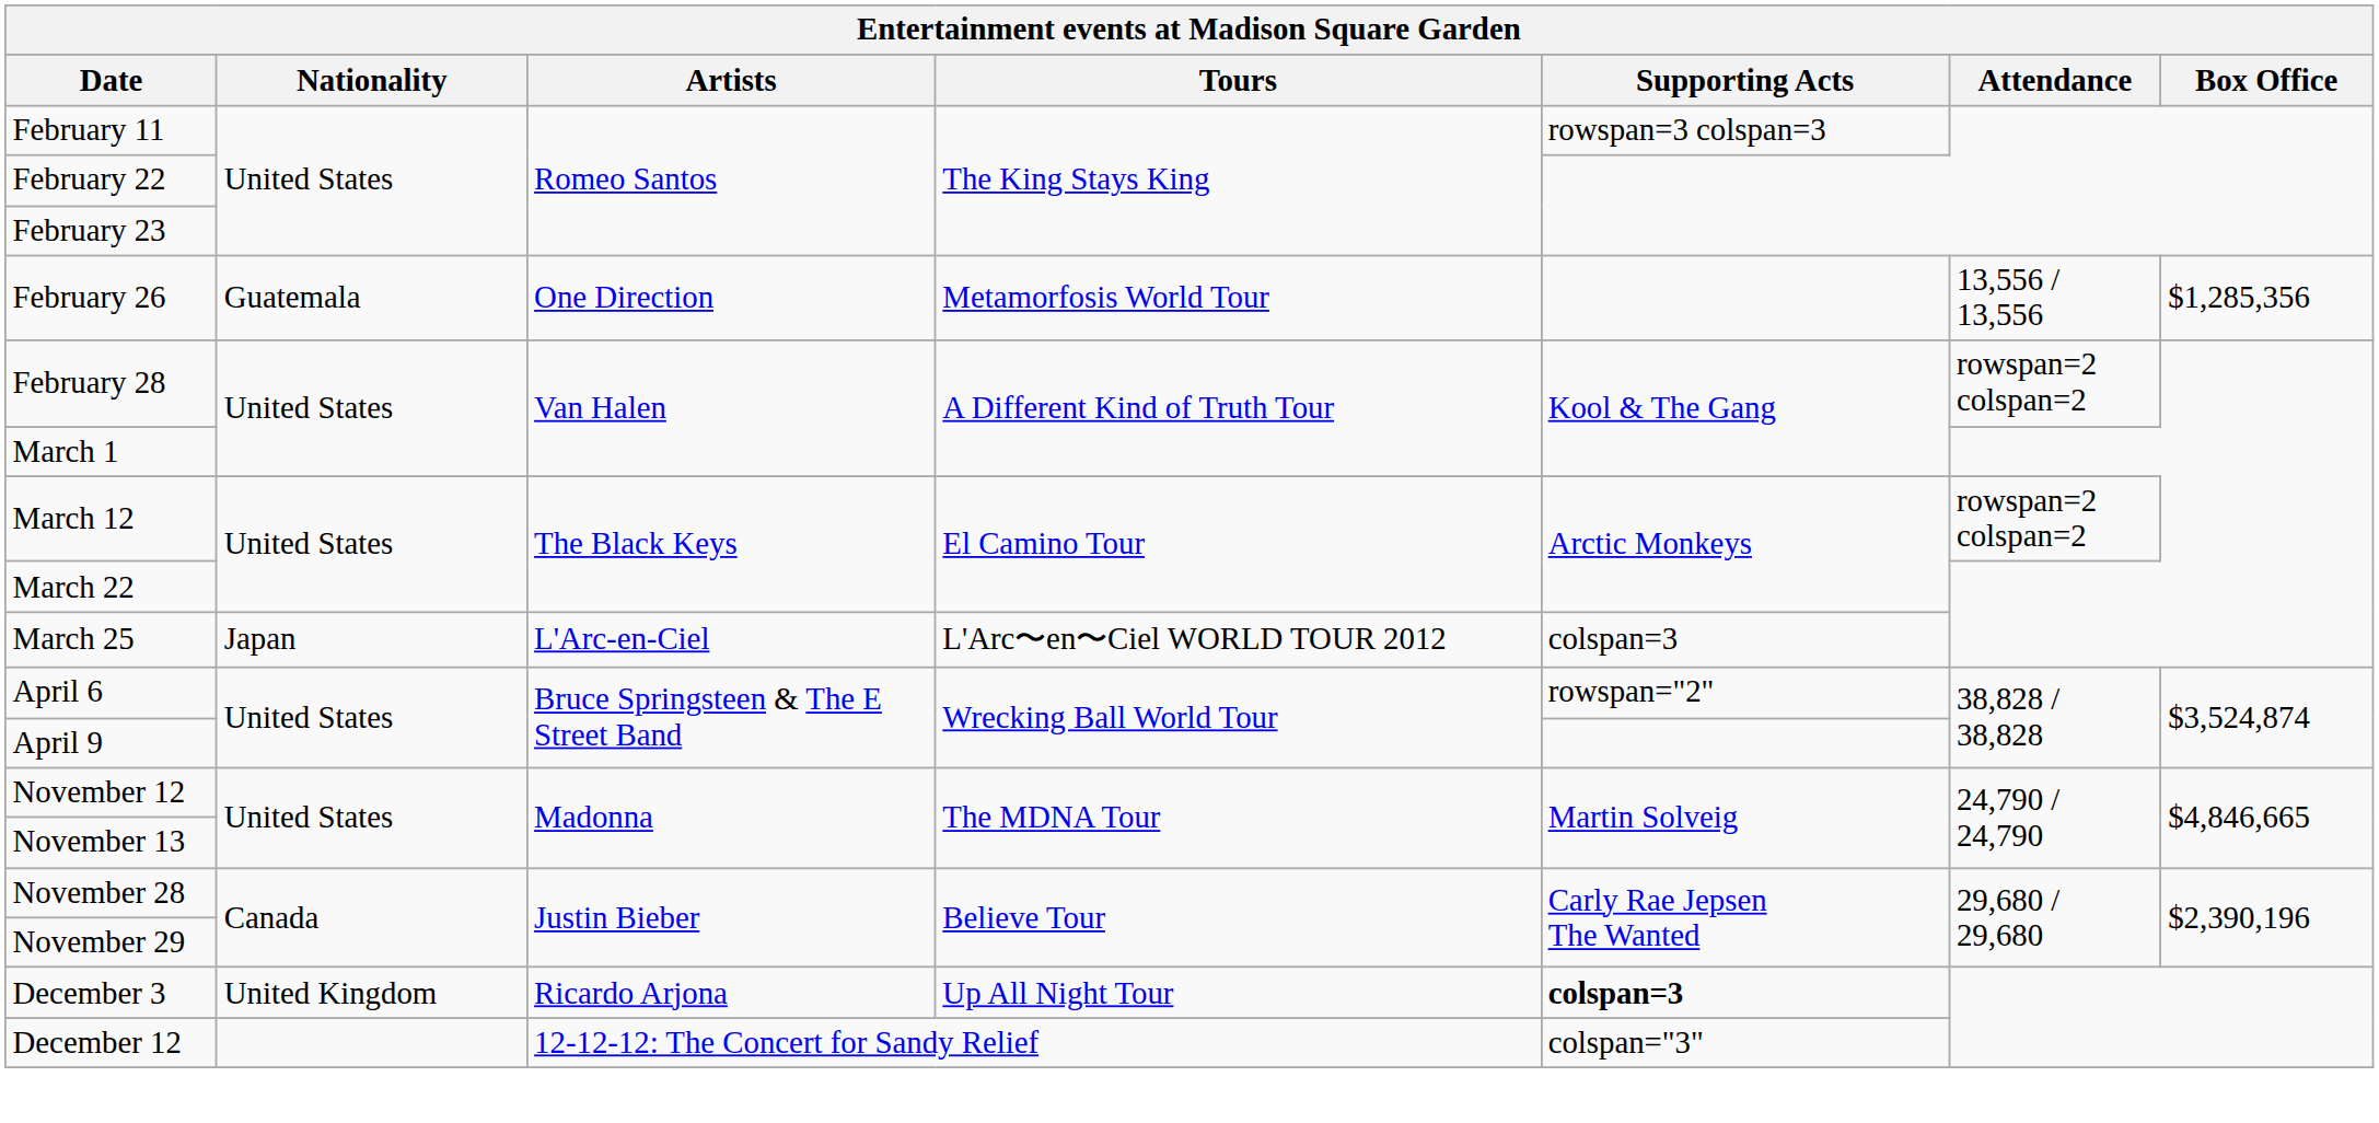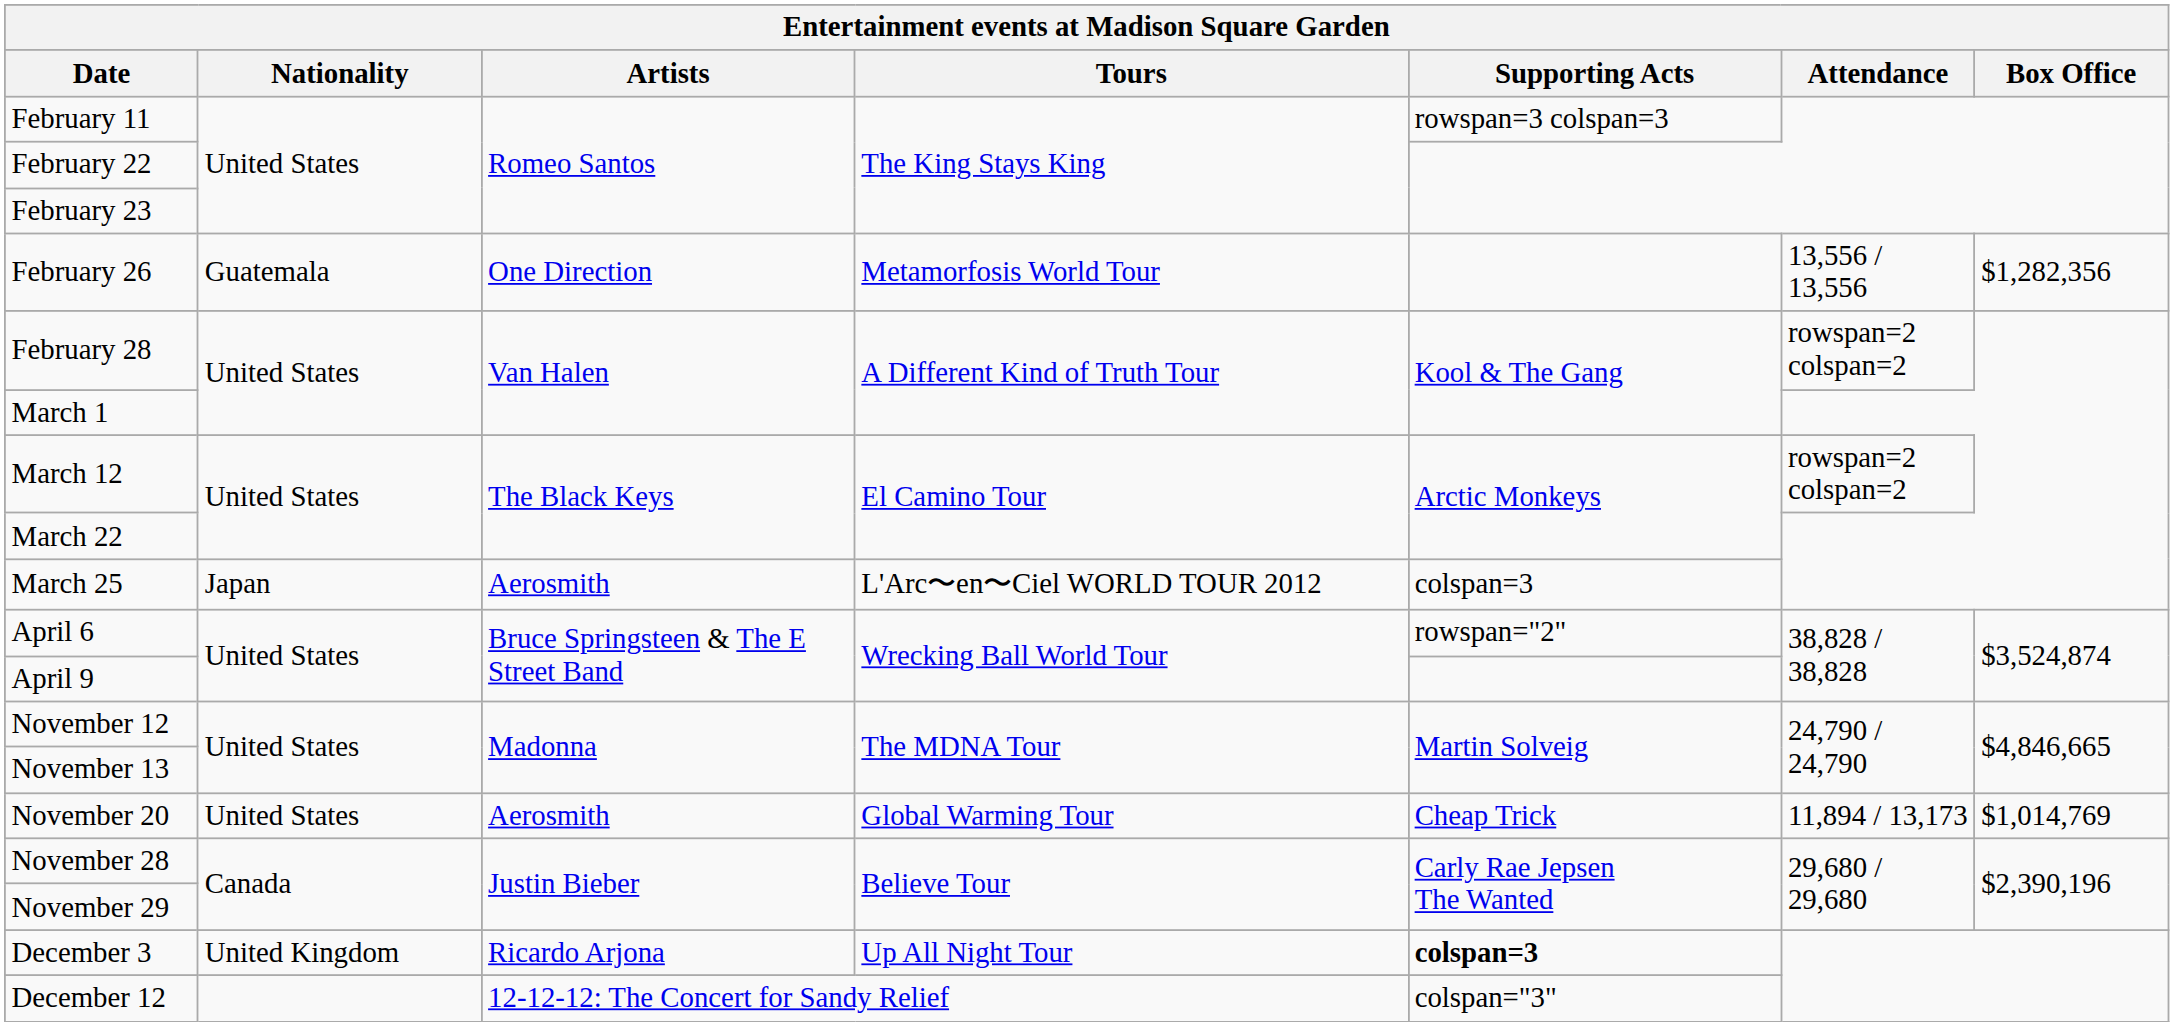 <table class="wikitable">
 <tr>
 <th colspan="7">Entertainment events at Madison Square Garden</th>
 </tr>
 <tr>
 <th width=100>Date</th>
 <th width=150>Nationality</th>
 <th width=200>Artists</th>
 <th width=300>Tours</th>
 <th width=200>Supporting Acts</th>
 <th width=100>Attendance</th>
 <th width=100>Box Office</th>
 </tr>
 <tr>
 <td>February 11</td>
 <td rowspan="3">United States</td>
 <td rowspan="3"><a href='#'>Romeo Santos</a></td>
 <td rowspan="3"><a href='#'>The King Stays King</a></td>
 <td>rowspan=3 colspan=3 </td>
 </tr>
 <tr>
 <td>February 22</td>
 </tr>
 <tr>
 <td>February 23</td>
 </tr>
 <tr>
 <td>February 26</td>
 <td>Guatemala</td>
 <td><a href='#'>One Direction</a></td>
 <td><a href='#'>Metamorfosis World Tour</a></td>
 <td></td>
 <td>13,556 / 13,556</td>
-<td>$1,285,356</td>
+<td>$1,282,356</td>
 </tr>
 <tr>
 <td>February 28</td>
 <td rowspan=2>United States</td>
 <td rowspan=2><a href='#'>Van Halen</a></td>
 <td rowspan=2><a href='#'>A Different Kind of Truth Tour</a></td>
 <td rowspan=2><a href='#'>Kool & The Gang</a></td>
 <td>rowspan=2 colspan=2 </td>
 </tr>
 <tr>
 <td>March 1</td>
 </tr>
 <tr>
 <td>March 12</td>
 <td rowspan=2>United States</td>
 <td rowspan=2><a href='#'>The Black Keys</a></td>
 <td rowspan=2><a href='#'>El Camino Tour</a></td>
 <td rowspan=2><a href='#'>Arctic Monkeys</a></td>
 <td>rowspan=2 colspan=2 </td>
 </tr>
 <tr>
 <td>March 22</td>
 </tr>
 <tr>
 <td>March 25</td>
 <td>Japan</td>
-<td><a href='#'>L'Arc-en-Ciel</a></td>
+<td><a href='#'>Aerosmith</a></td>
 <td>L'Arc〜en〜Ciel WORLD TOUR 2012</td>
 <td>colspan=3 </td>
 </tr>
 <tr>
 <td>April 6</td>
 <td rowspan="2">United States</td>
 <td rowspan="2"><a href='#'>Bruce Springsteen</a> & <a href='#'>The E Street Band</a></td>
 <td rowspan="2"><a href='#'>Wrecking Ball World Tour</a></td>
 <td>rowspan="2" </td>
 <td rowspan="2">38,828 / 38,828</td>
 <td rowspan="2">$3,524,874</td>
 </tr>
 <tr>
 <td>April 9</td>
 </tr>
 <tr>
 <td>November 12</td>
 <td rowspan=2>United States</td>
 <td rowspan=2><a href='#'>Madonna</a></td>
 <td rowspan=2><a href='#'>The MDNA Tour</a></td>
 <td rowspan=2><a href='#'>Martin Solveig</a></td>
 <td rowspan=2>24,790 / 24,790</td>
 <td rowspan=2>$4,846,665</td>
 </tr>
 <tr>
 <td>November 13</td>
 </tr>
 <tr>
+<td>November 20</td>
+<td>United States</td>
+<td><a href='#'>Aerosmith</a></td>
+<td><a href='#'>Global Warming Tour</a></td>
+<td><a href='#'>Cheap Trick</a></td>
+<td>11,894 / 13,173</td>
+<td>$1,014,769</td>
+</tr>
+<tr>
 <td>November 28</td>
 <td rowspan=2>Canada</td>
 <td rowspan=2><a href='#'>Justin Bieber</a></td>
 <td rowspan=2><a href='#'>Believe Tour</a></td>
 <td rowspan=2><a href='#'>Carly Rae Jepsen</a><br><a href='#'>The Wanted</a></td>
 <td rowspan=2>29,680 / 29,680</td>
 <td rowspan=2>$2,390,196</td>
 </tr>
 <tr>
 <td>November 29</td>
 </tr>
 <tr>
 <td>December 3</td>
 <td>United Kingdom</td>
 <td><a href='#'>Ricardo Arjona</a></td>
 <td><a href='#'>Up All Night Tour</a></td>
 <td><strong>colspan=3 </strong></td>
 </tr>
 <tr>
 <td>December 12</td>
 <td></td>
 <td colspan="2"><a href='#'>12-12-12: The Concert for Sandy Relief</a></td>
 <td>colspan="3" </td>
 </tr>
 </table>
